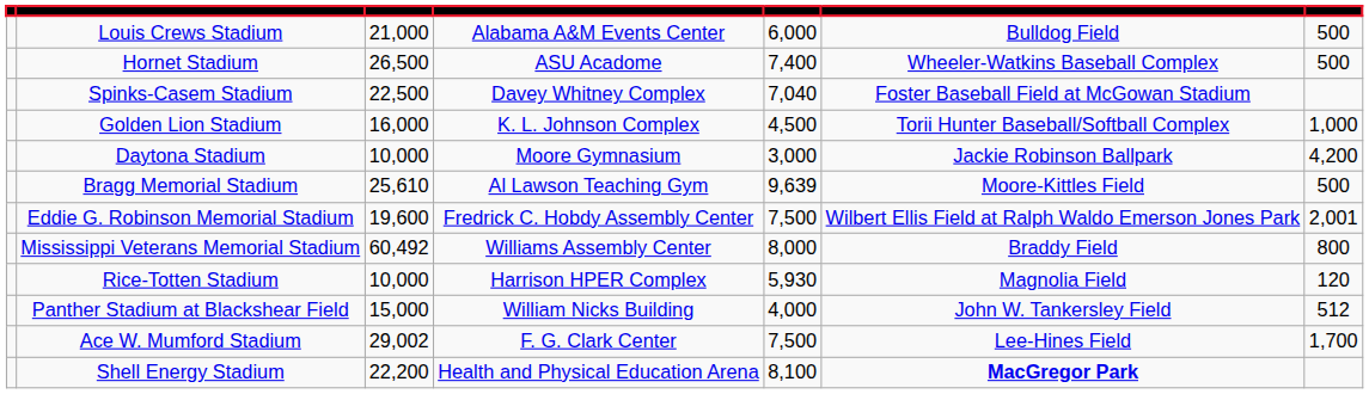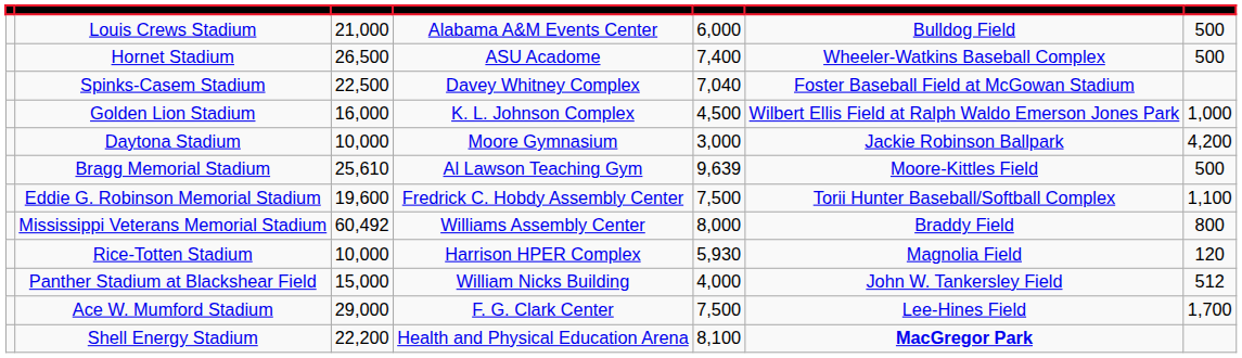 <table class="wikitable sortable" style="text-align: center">
 <tr bgcolor=black>
 <td style="border:2px solid #ED192D"></td>
 <td style="border:2px solid #ED192D"></td>
 <td style="border:2px solid #ED192D"></td>
 <td style="border:2px solid #ED192D"></td>
 <td style="border:2px solid #ED192D"></td>
 <td style="border:2px solid #ED192D"></td>
 <td style="border:2px solid #ED192D"></td>
 </tr>
 <tr>
 <td style="text-align:center; "><a href='#'></a></td>
 <td><a href='#'>Louis Crews Stadium</a></td>
 <td>21,000</td>
 <td><a href='#'>Alabama A&M Events Center</a></td>
 <td>6,000</td>
 <td><a href='#'>Bulldog Field</a></td>
 <td>500</td>
 </tr>
 <tr>
 <td style="text-align:center; "><a href='#'></a></td>
 <td><a href='#'>Hornet Stadium</a></td>
 <td>26,500</td>
 <td><a href='#'>ASU Acadome</a></td>
 <td>7,400</td>
 <td><a href='#'>Wheeler-Watkins Baseball Complex</a></td>
 <td>500</td>
 </tr>
 <tr>
 <td style="text-align:center; "><a href='#'></a></td>
 <td><a href='#'>Spinks-Casem Stadium</a></td>
 <td>22,500</td>
 <td><a href='#'>Davey Whitney Complex</a></td>
 <td>7,040</td>
 <td><a href='#'>Foster Baseball Field at McGowan Stadium</a></td>
 <td></td>
 </tr>
 <tr>
 <td style="text-align:center; "><a href='#'></a></td>
 <td><a href='#'>Golden Lion Stadium</a></td>
 <td>16,000</td>
 <td><a href='#'>K. L. Johnson Complex</a></td>
 <td>4,500</td>
-<td><a href='#'>Torii Hunter Baseball/Softball Complex</a></td>
+<td><a href='#'>Wilbert Ellis Field at Ralph Waldo Emerson Jones Park</a></td>
 <td>1,000</td>
 </tr>
 <tr>
 <td style="text-align:center; "><a href='#'></a></td>
 <td><a href='#'>Daytona Stadium</a></td>
 <td>10,000</td>
 <td><a href='#'>Moore Gymnasium</a></td>
 <td>3,000</td>
 <td><a href='#'>Jackie Robinson Ballpark</a></td>
 <td>4,200</td>
 </tr>
 <tr>
 <td style="text-align:center; "><a href='#'></a></td>
 <td><a href='#'>Bragg Memorial Stadium</a></td>
 <td>25,610</td>
 <td><a href='#'>Al Lawson Teaching Gym</a></td>
 <td>9,639</td>
 <td><a href='#'>Moore-Kittles Field</a></td>
 <td>500</td>
 </tr>
 <tr>
 <td style="text-align:center; "><a href='#'></a></td>
 <td><a href='#'>Eddie G. Robinson Memorial Stadium</a></td>
 <td>19,600</td>
 <td><a href='#'>Fredrick C. Hobdy Assembly Center</a></td>
 <td>7,500</td>
-<td><a href='#'>Wilbert Ellis Field at Ralph Waldo Emerson Jones Park</a></td>
-<td>2,001</td>
+<td><a href='#'>Torii Hunter Baseball/Softball Complex</a></td>
+<td>1,100</td>
 </tr>
 <tr>
 <td style="text-align:center; "><a href='#'></a></td>
 <td><a href='#'>Mississippi Veterans Memorial Stadium</a></td>
 <td>60,492</td>
 <td><a href='#'>Williams Assembly Center</a></td>
 <td>8,000</td>
 <td><a href='#'>Braddy Field</a></td>
 <td>800</td>
 </tr>
 <tr>
 <td style="text-align:center; "><a href='#'></a></td>
 <td><a href='#'>Rice-Totten Stadium</a></td>
 <td>10,000</td>
 <td><a href='#'>Harrison HPER Complex</a></td>
 <td>5,930</td>
 <td><a href='#'>Magnolia Field</a></td>
 <td>120</td>
 </tr>
 <tr>
 <td style="text-align:center; "><a href='#'></a></td>
 <td><a href='#'>Panther Stadium at Blackshear Field</a></td>
 <td>15,000</td>
 <td><a href='#'>William Nicks Building</a></td>
 <td>4,000</td>
 <td><a href='#'>John W. Tankersley Field</a></td>
 <td>512</td>
 </tr>
 <tr>
 <td style="text-align:center; "><a href='#'></a></td>
 <td><a href='#'>Ace W. Mumford Stadium</a></td>
-<td>29,002</td>
+<td>29,000</td>
 <td><a href='#'>F. G. Clark Center</a></td>
 <td>7,500</td>
 <td><a href='#'>Lee-Hines Field</a></td>
 <td>1,700</td>
 </tr>
 <tr>
 <td style="text-align:center; "><a href='#'></a></td>
 <td><a href='#'>Shell Energy Stadium</a></td>
 <td>22,200</td>
 <td><a href='#'>Health and Physical Education Arena</a></td>
 <td>8,100</td>
 <td><strong><a href='#'>MacGregor Park</a></strong></td>
 <td></td>
 </tr>
 </table>
